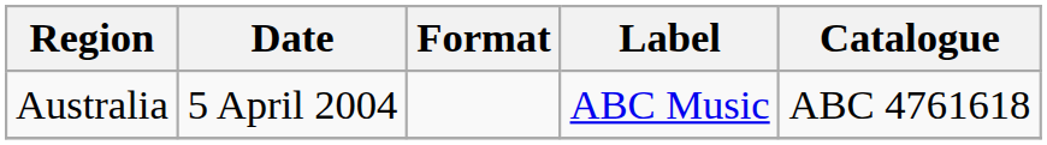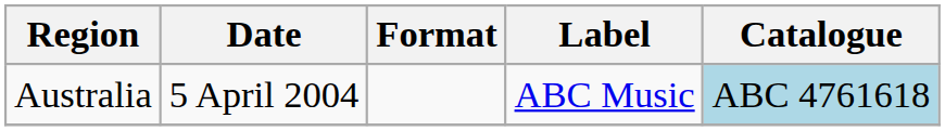 <table class="wikitable plainrowheaders">
 <tr>
 <th scope="col">Region</th>
 <th scope="col">Date</th>
 <th scope="col">Format</th>
 <th scope="col">Label</th>
 <th scope="col">Catalogue</th>
 </tr>
 <tr>
 <td>Australia</td>
 <td>5 April 2004</td>
 <td></td>
 <td><a href='#'>ABC Music</a></td>
-<td>ABC 4761618</td>
+<td style="background: lightblue;">ABC 4761618</td>
 </tr>
 <tr>
 </tr>
 </table>
